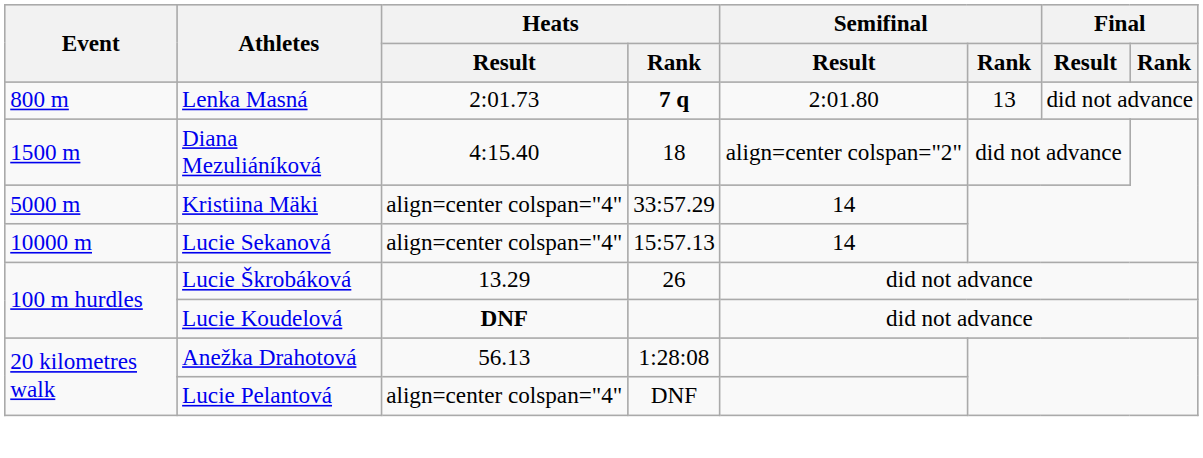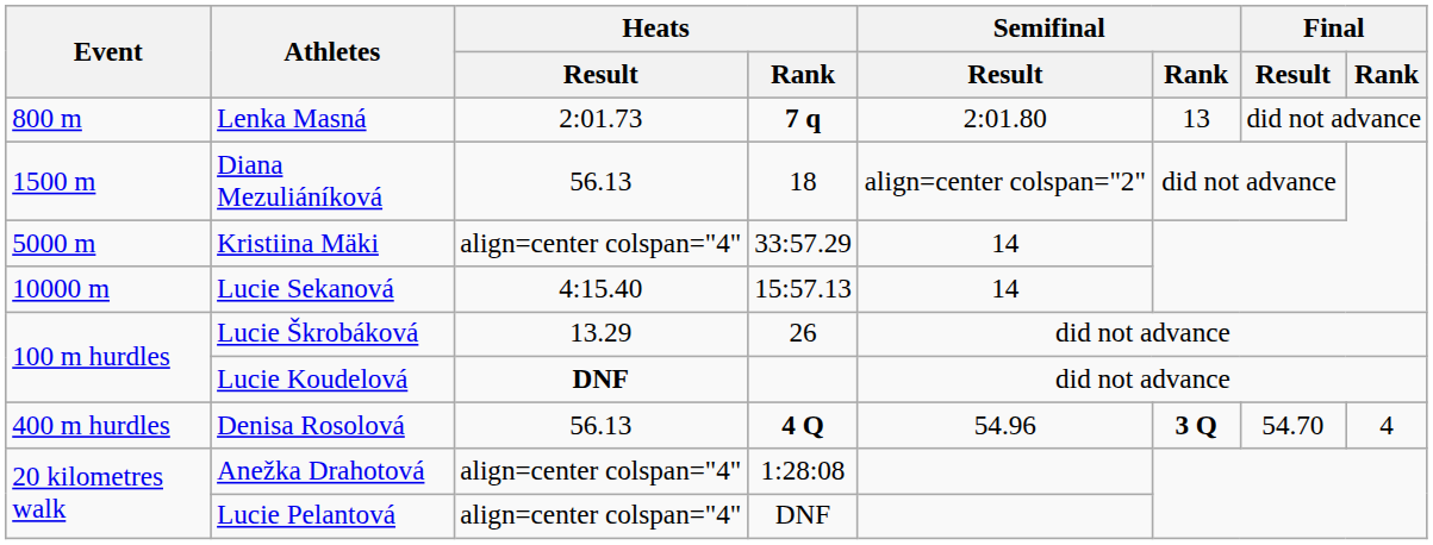 <table class="wikitable" border="1" style="font-size:90%">
 <tr>
 <th rowspan="2" width=100>Event</th>
 <th rowspan="2" width=120>Athletes</th>
 <th colspan="2">Heats</th>
 <th colspan="2">Semifinal</th>
 <th colspan="2">Final</th>
 </tr>
 <tr>
 <th>Result</th>
 <th>Rank</th>
 <th>Result</th>
 <th>Rank</th>
 <th>Result</th>
 <th>Rank</th>
 </tr>
 <tr>
 <td><a href='#'>800 m</a></td>
 <td><a href='#'>Lenka Masná</a></td>
 <td align=center>2:01.73</td>
 <td align=center><strong>7 q</strong></td>
 <td align=center>2:01.80</td>
 <td align=center>13</td>
 <td align=center colspan="2">did not advance</td>
 </tr>
 <tr>
 <td><a href='#'>1500 m</a></td>
 <td><a href='#'>Diana Mezuliáníková</a></td>
-<td align=center>4:15.40</td>
+<td align=center>56.13</td>
 <td align=center>18</td>
 <td>align=center colspan="2" </td>
 <td align=center colspan="2">did not advance</td>
 </tr>
 <tr>
 <td><a href='#'>5000 m</a></td>
 <td><a href='#'>Kristiina Mäki</a></td>
 <td>align=center colspan="4" </td>
 <td align=center>33:57.29</td>
 <td align=center>14</td>
 </tr>
 <tr>
 <td><a href='#'>10000 m</a></td>
 <td><a href='#'>Lucie Sekanová</a></td>
-<td>align=center colspan="4" </td>
+<td align=center>4:15.40</td>
 <td align=center>15:57.13</td>
 <td align=center>14</td>
 </tr>
 <tr>
 <td rowspan=2><a href='#'>100 m hurdles</a></td>
 <td><a href='#'>Lucie Škrobáková</a></td>
 <td align=center>13.29</td>
 <td align=center>26</td>
 <td align=center colspan="4">did not advance</td>
 </tr>
 <tr>
 <td><a href='#'>Lucie Koudelová</a></td>
 <td align=center><strong>DNF</strong></td>
 <td align=center></td>
 <td align=center colspan="4">did not advance</td>
 </tr>
 <tr>
+<td><a href='#'>400 m hurdles</a></td>
+<td><a href='#'>Denisa Rosolová</a></td>
+<td align=center>56.13</td>
+<td align=center><strong>4 Q</strong></td>
+<td align=center>54.96</td>
+<td align=center><strong>3 Q</strong></td>
+<td align=center>54.70</td>
+<td align=center>4</td>
+</tr>
+<tr>
 <td rowspan=2><a href='#'>20 kilometres walk</a></td>
 <td><a href='#'>Anežka Drahotová</a></td>
-<td align=center>56.13</td>
+<td>align=center colspan="4" </td>
 <td align=center>1:28:08</td>
 <td align=center></td>
 </tr>
 <tr>
 <td><a href='#'>Lucie Pelantová</a></td>
 <td>align=center colspan="4" </td>
 <td align=center>DNF</td>
 <td align=center></td>
 </tr>
 </table>
